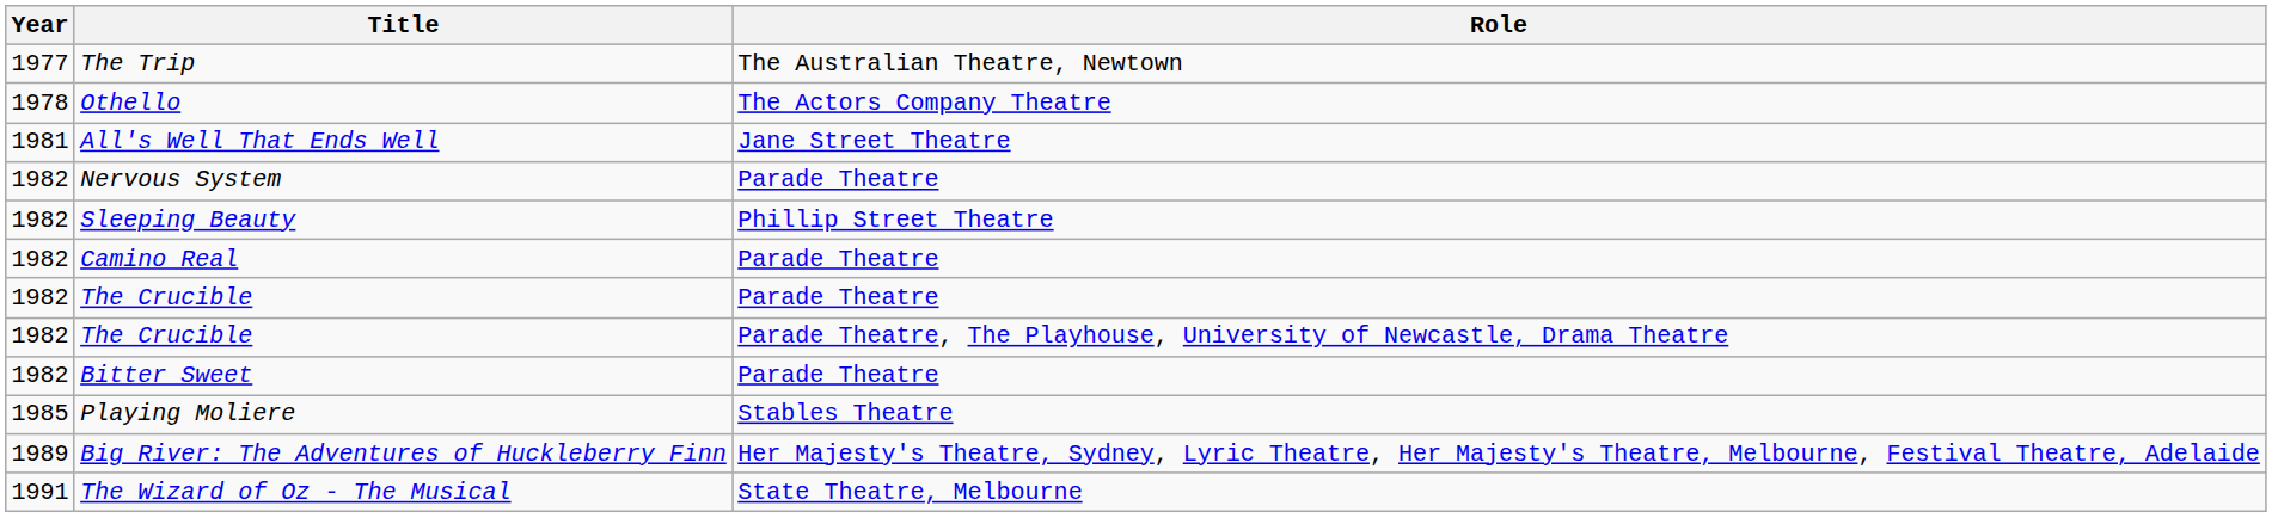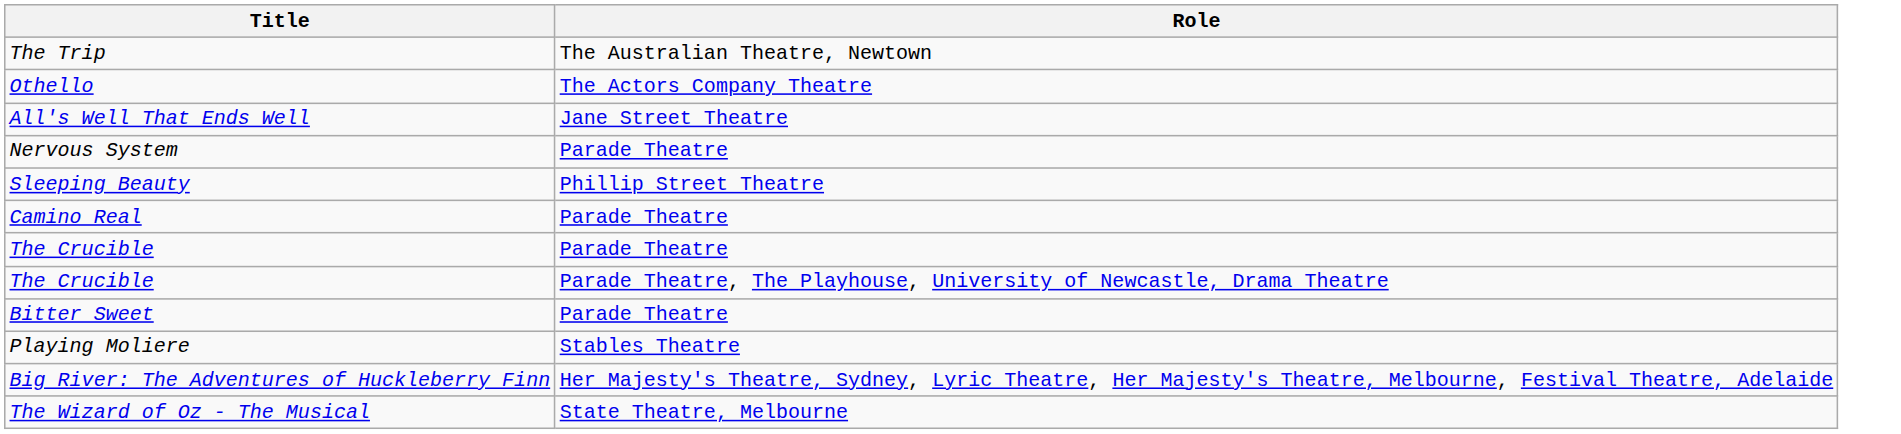 <table class="wikitable">
 <tr>
-<th>Year</th>
 <th>Title</th>
 <th>Role</th>
 </tr>
 <tr>
-<td>1977</td>
 <td><em>The Trip</em></td>
 <td>The Australian Theatre, Newtown</td>
 </tr>
 <tr>
-<td>1978</td>
 <td><em><a href='#'>Othello</a></em></td>
 <td><a href='#'>The Actors Company Theatre</a></td>
 </tr>
 <tr>
-<td>1981</td>
 <td><em><a href='#'>All's Well That Ends Well</a></em></td>
 <td><a href='#'>Jane Street Theatre</a></td>
 </tr>
 <tr>
-<td>1982</td>
 <td><em>Nervous System</em></td>
 <td><a href='#'>Parade Theatre</a></td>
 </tr>
 <tr>
-<td>1982</td>
 <td><em><a href='#'>Sleeping Beauty</a></em></td>
 <td><a href='#'>Phillip Street Theatre</a></td>
 </tr>
 <tr>
-<td>1982</td>
 <td><em><a href='#'>Camino Real</a></em></td>
 <td><a href='#'>Parade Theatre</a></td>
 </tr>
 <tr>
-<td>1982</td>
 <td><em><a href='#'>The Crucible</a></em></td>
 <td><a href='#'>Parade Theatre</a></td>
 </tr>
 <tr>
-<td>1982</td>
 <td><em><a href='#'>The Crucible</a></em></td>
 <td><a href='#'>Parade Theatre</a>, <a href='#'>The Playhouse</a>, <a href='#'>University of Newcastle, Drama Theatre</a></td>
 </tr>
 <tr>
-<td>1982</td>
 <td><em><a href='#'>Bitter Sweet</a></em></td>
 <td><a href='#'>Parade Theatre</a></td>
 </tr>
 <tr>
-<td>1985</td>
 <td><em>Playing Moliere</em></td>
 <td><a href='#'>Stables Theatre</a></td>
 </tr>
 <tr>
-<td>1989</td>
 <td><em><a href='#'>Big River: The Adventures of Huckleberry Finn</a></em></td>
 <td><a href='#'>Her Majesty's Theatre, Sydney</a>, <a href='#'>Lyric Theatre</a>, <a href='#'>Her Majesty's Theatre, Melbourne</a>, <a href='#'>Festival Theatre, Adelaide</a></td>
 </tr>
 <tr>
-<td>1991</td>
 <td><em><a href='#'>The Wizard of Oz - The Musical</a></em></td>
 <td><a href='#'>State Theatre, Melbourne</a></td>
 </tr>
 </table>
